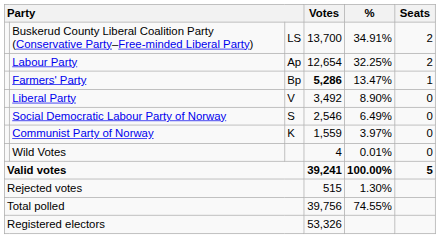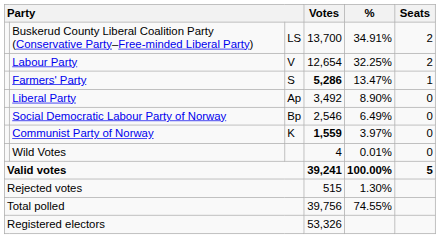 <table class="wikitable" border="1" style="text-align:right;">
 <tr>
 <th style="text-align:left;" colspan=3>Party</th>
 <th align=center width="50">Votes</th>
 <th align=center width="50">%</th>
 <th align=center width="50">Seats</th>
 </tr>
 <tr>
 <td></td>
 <td align=left>Buskerud County Liberal Coalition Party (<a href='#'>Conservative Party</a>–<a href='#'>Free-minded Liberal Party</a>)</td>
 <td align=left>LS</td>
 <td>13,700</td>
 <td>34.91%</td>
 <td>2</td>
 </tr>
 <tr>
 <td style="color:inherit;background:"></td>
 <td align=left><a href='#'>Labour Party</a></td>
-<td align=left>Ap</td>
+<td align=left>V</td>
 <td>12,654</td>
 <td>32.25%</td>
 <td>2</td>
 </tr>
 <tr>
 <td style="color:inherit;background:"></td>
 <td align=left><a href='#'>Farmers' Party</a></td>
-<td align=left>Bp</td>
+<td align=left>S</td>
 <td><strong>5,286</strong></td>
 <td>13.47%</td>
 <td>1</td>
 </tr>
 <tr>
 <td style="color:inherit;background:"></td>
 <td align=left><a href='#'>Liberal Party</a></td>
-<td align=left>V</td>
+<td align=left>Ap</td>
 <td>3,492</td>
 <td>8.90%</td>
 <td>0</td>
 </tr>
 <tr>
 <td style="color:inherit;background:"></td>
 <td align=left><a href='#'>Social Democratic Labour Party of Norway</a></td>
-<td align=left>S</td>
+<td align=left>Bp</td>
 <td>2,546</td>
 <td>6.49%</td>
 <td>0</td>
 </tr>
 <tr>
 <td style="color:inherit;background:"></td>
 <td align=left><a href='#'>Communist Party of Norway</a></td>
 <td align=left>K</td>
-<td>1,559</td>
+<td><strong>1,559</strong></td>
 <td>3.97%</td>
 <td>0</td>
 </tr>
 <tr>
 <td></td>
 <td align=left>Wild Votes</td>
 <td align=left></td>
 <td>4</td>
 <td>0.01%</td>
 <td>0</td>
 </tr>
 <tr style="font-weight:bold">
 <td align=left colspan=3>Valid votes</td>
 <td>39,241</td>
 <td>100.00%</td>
 <td>5</td>
 </tr>
 <tr>
 <td align=left colspan=3>Rejected votes</td>
 <td>515</td>
 <td>1.30%</td>
 <td></td>
 </tr>
 <tr>
 <td align=left colspan=3>Total polled</td>
 <td>39,756</td>
 <td>74.55%</td>
 <td></td>
 </tr>
 <tr>
 <td align=left colspan=3>Registered electors</td>
 <td>53,326</td>
 <td></td>
 <td></td>
 </tr>
 </table>
